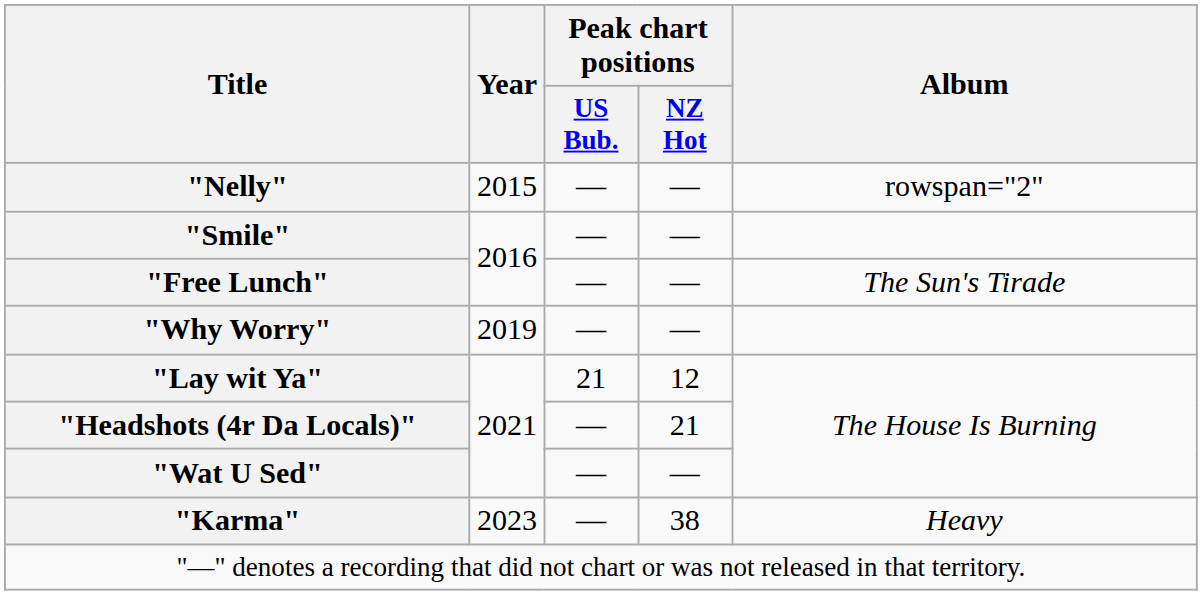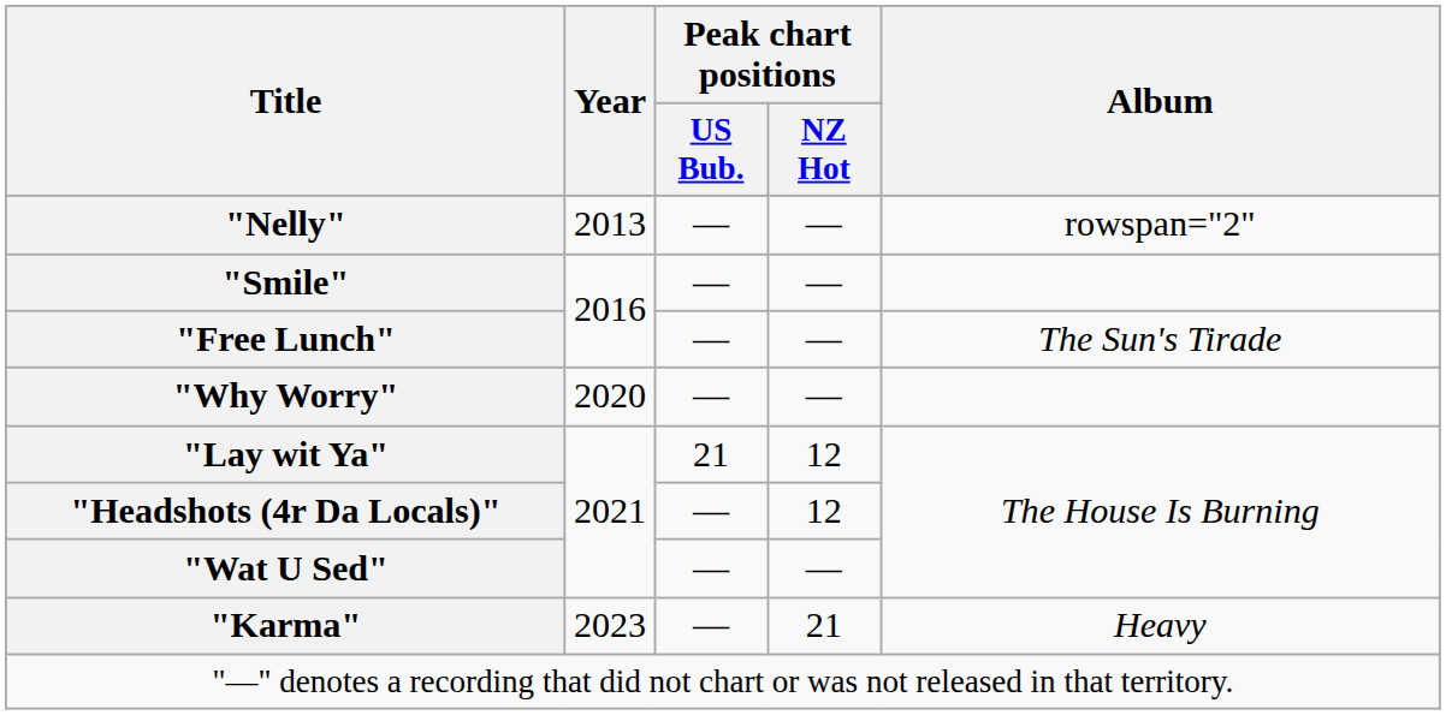 <table class="wikitable plainrowheaders" style="text-align:center;">
 <tr>
 <th scope="col" rowspan="2" style="width:15em;">Title</th>
 <th scope="col" rowspan="2">Year</th>
 <th scope="col" colspan="2">Peak chart positions</th>
 <th scope="col" rowspan="2" style="width:15em;">Album</th>
 </tr>
 <tr>
 <th scope="col" style="width:3em;font-size:90%;"><a href='#'>US<br>Bub.</a><br></th>
 <th scope="col" style="width:3em;font-size:90%;"><a href='#'>NZ<br>Hot</a><br></th>
 </tr>
 <tr>
 <th scope="row">"Nelly"</th>
-<td>2015</td>
+<td>2013</td>
 <td>—</td>
 <td>—</td>
 <td>rowspan="2" </td>
 </tr>
 <tr>
 <th scope="row">"Smile"</th>
 <td rowspan="2">2016</td>
 <td>—</td>
 <td>—</td>
 </tr>
 <tr>
 <th scope="row">"Free Lunch"</th>
 <td>—</td>
 <td>—</td>
 <td><em>The Sun's Tirade</em></td>
 </tr>
 <tr>
 <th scope="row">"Why Worry"</th>
-<td>2019</td>
+<td>2020</td>
 <td>—</td>
 <td>—</td>
 <td></td>
 </tr>
 <tr>
 <th scope="row">"Lay wit Ya"<br></th>
 <td rowspan="3">2021</td>
 <td>21</td>
 <td>12</td>
 <td rowspan="3"><em>The House Is Burning</em></td>
 </tr>
 <tr>
 <th scope="row">"Headshots (4r Da Locals)"</th>
 <td>—</td>
-<td>21</td>
+<td>12</td>
 </tr>
 <tr>
 <th scope="row">"Wat U Sed"</th>
 <td>—</td>
 <td>—</td>
 </tr>
 <tr>
 <th scope="row">"Karma"<br></th>
 <td>2023</td>
 <td>—</td>
-<td>38</td>
+<td>21</td>
 <td><em>Heavy</em></td>
 </tr>
 <tr>
 <td colspan="14" style="font-size:90%">"—" denotes a recording that did not chart or was not released in that territory.</td>
 </tr>
 </table>
